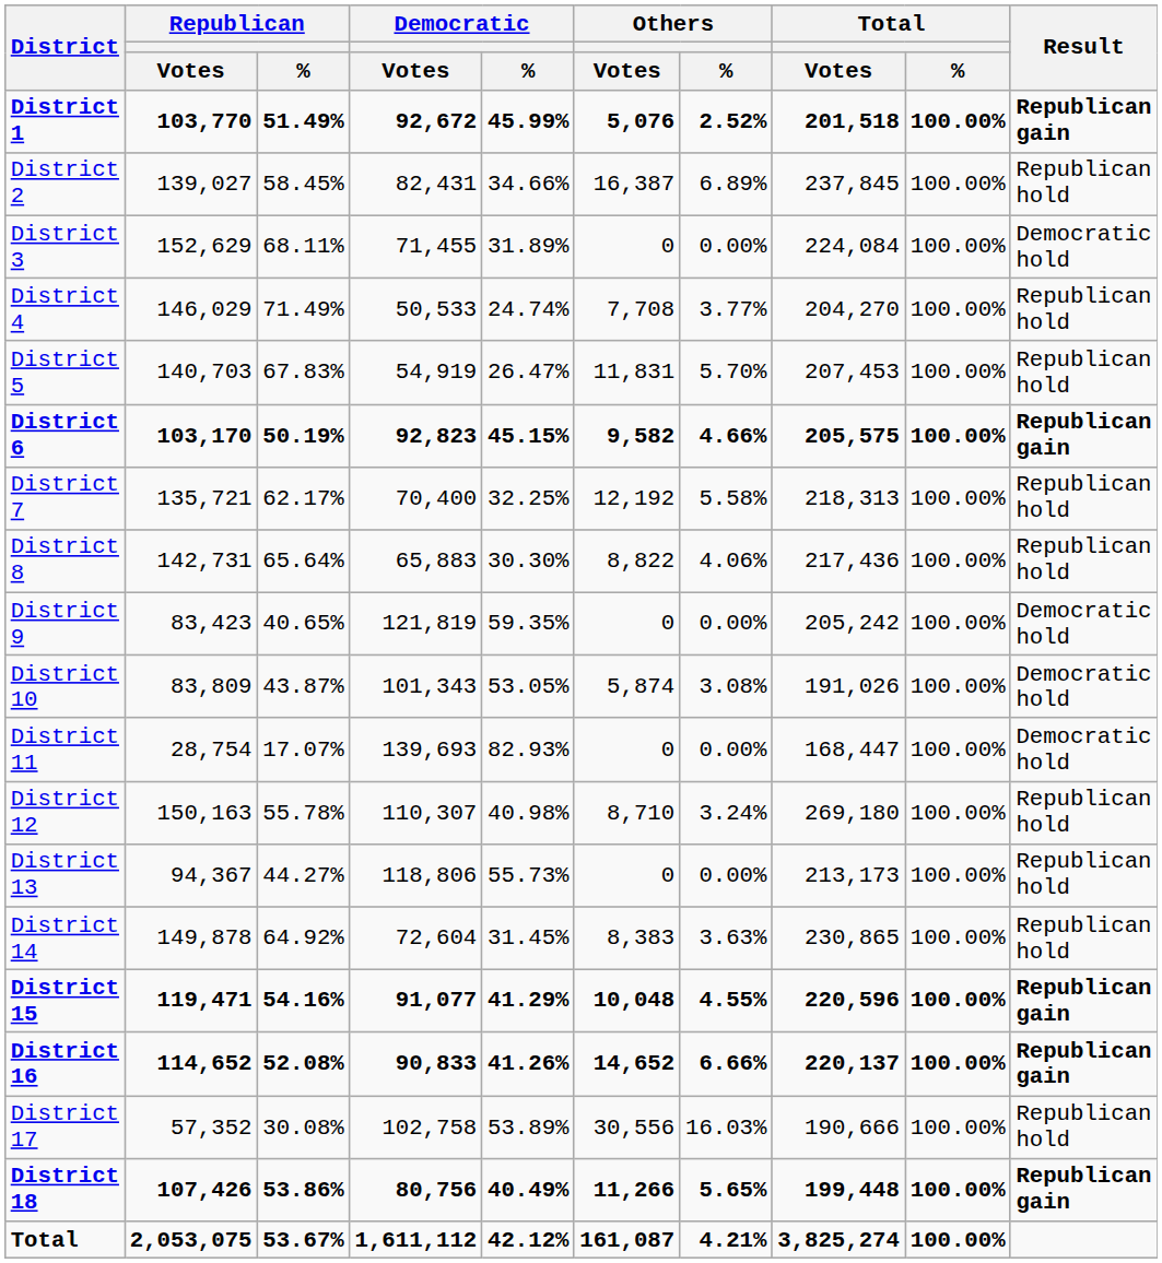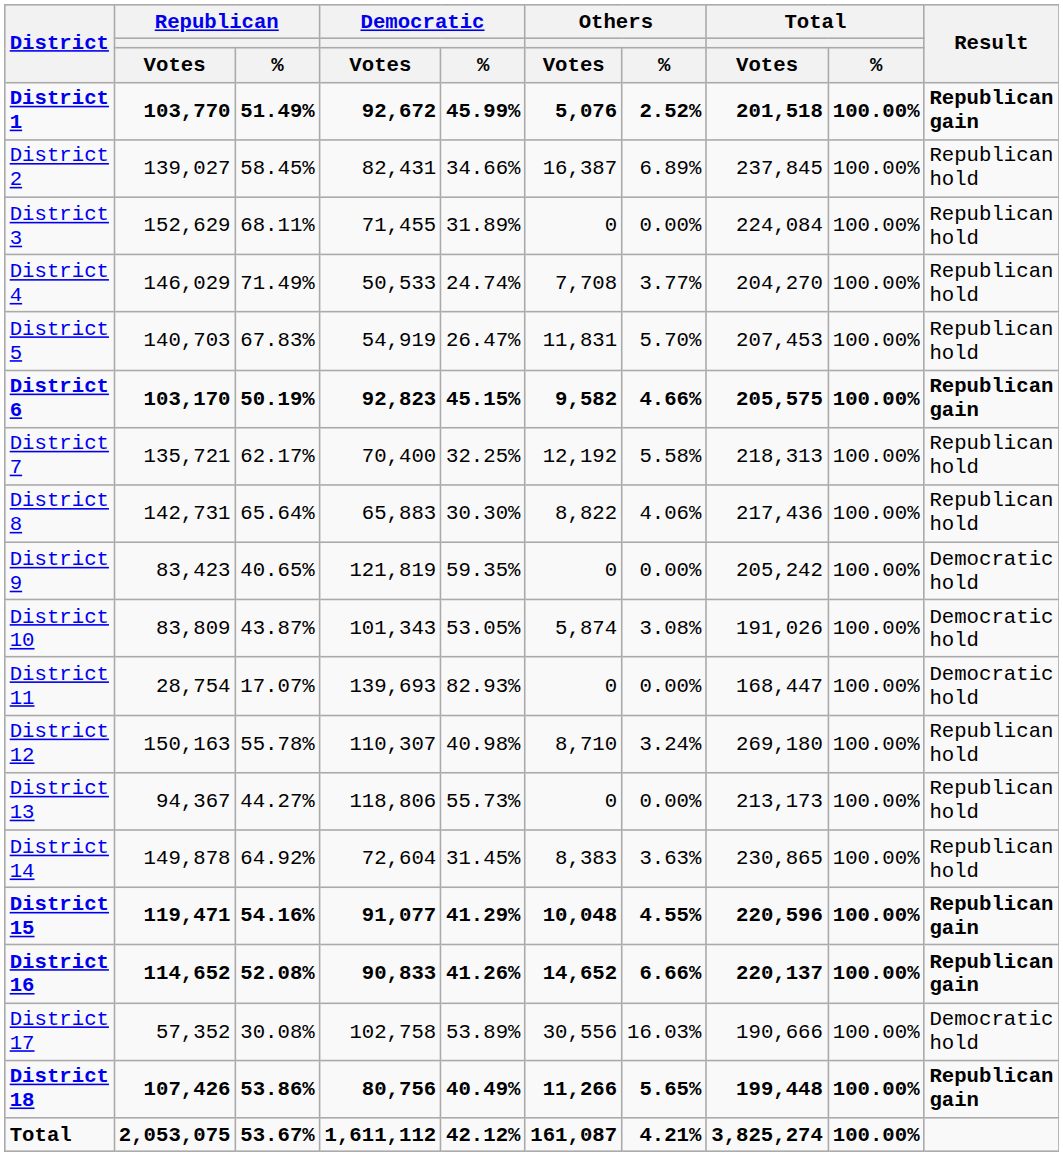 <table class="wikitable plainrowheaders sortable" style="font-size:100%; text-align:right;">
 <tr>
 <th scope=col rowspan=3><a href='#'>District</a></th>
 <th scope=col colspan=2><a href='#'>Republican</a></th>
 <th scope=col colspan=2><a href='#'>Democratic</a></th>
 <th scope=col colspan=2>Others</th>
 <th scope=col colspan=2>Total</th>
 <th scope=col rowspan=3>Result</th>
 </tr>
 <tr>
 <th scope=col colspan=2 style="background:"></th>
 <th scope=col colspan=2 style="background:"></th>
 <th scope=col colspan=2></th>
 <th scope=col colspan=2></th>
 </tr>
 <tr>
 <th scope=col data-sort-type="number">Votes</th>
 <th scope=col data-sort-type="number">%</th>
 <th scope=col data-sort-type="number">Votes</th>
 <th scope=col data-sort-type="number">%</th>
 <th scope=col data-sort-type="number">Votes</th>
 <th scope=col data-sort-type="number">%</th>
 <th scope=col data-sort-type="number">Votes</th>
 <th scope=col data-sort-type="number">%</th>
 </tr>
 <tr>
 <td align=left><strong><a href='#'>District 1</a></strong></td>
 <td><strong>103,770</strong></td>
 <td><strong>51.49%</strong></td>
 <td><strong>92,672</strong></td>
 <td><strong>45.99%</strong></td>
 <td><strong>5,076</strong></td>
 <td><strong>2.52%</strong></td>
 <td><strong>201,518</strong></td>
 <td><strong>100.00%</strong></td>
 <td align=left><strong>Republican gain</strong></td>
 </tr>
 <tr>
 <td align=left><a href='#'>District 2</a></td>
 <td>139,027</td>
 <td>58.45%</td>
 <td>82,431</td>
 <td>34.66%</td>
 <td>16,387</td>
 <td>6.89%</td>
 <td>237,845</td>
 <td>100.00%</td>
 <td align=left>Republican hold</td>
 </tr>
 <tr>
 <td align=left><a href='#'>District 3</a></td>
 <td>152,629</td>
 <td>68.11%</td>
 <td>71,455</td>
 <td>31.89%</td>
 <td>0</td>
 <td>0.00%</td>
 <td>224,084</td>
 <td>100.00%</td>
-<td align=left>Democratic hold</td>
+<td align=left>Republican hold</td>
 </tr>
 <tr>
 <td align=left><a href='#'>District 4</a></td>
 <td>146,029</td>
 <td>71.49%</td>
 <td>50,533</td>
 <td>24.74%</td>
 <td>7,708</td>
 <td>3.77%</td>
 <td>204,270</td>
 <td>100.00%</td>
 <td align=left>Republican hold</td>
 </tr>
 <tr>
 <td align=left><a href='#'>District 5</a></td>
 <td>140,703</td>
 <td>67.83%</td>
 <td>54,919</td>
 <td>26.47%</td>
 <td>11,831</td>
 <td>5.70%</td>
 <td>207,453</td>
 <td>100.00%</td>
 <td align=left>Republican hold</td>
 </tr>
 <tr>
 <td align=left><strong><a href='#'>District 6</a></strong></td>
 <td><strong>103,170</strong></td>
 <td><strong>50.19%</strong></td>
 <td><strong>92,823</strong></td>
 <td><strong>45.15%</strong></td>
 <td><strong>9,582</strong></td>
 <td><strong>4.66%</strong></td>
 <td><strong>205,575</strong></td>
 <td><strong>100.00%</strong></td>
 <td align=left><strong>Republican gain</strong></td>
 </tr>
 <tr>
 <td align=left><a href='#'>District 7</a></td>
 <td>135,721</td>
 <td>62.17%</td>
 <td>70,400</td>
 <td>32.25%</td>
 <td>12,192</td>
 <td>5.58%</td>
 <td>218,313</td>
 <td>100.00%</td>
 <td align=left>Republican hold</td>
 </tr>
 <tr>
 <td align=left><a href='#'>District 8</a></td>
 <td>142,731</td>
 <td>65.64%</td>
 <td>65,883</td>
 <td>30.30%</td>
 <td>8,822</td>
 <td>4.06%</td>
 <td>217,436</td>
 <td>100.00%</td>
 <td align=left>Republican hold</td>
 </tr>
 <tr>
 <td align=left><a href='#'>District 9</a></td>
 <td>83,423</td>
 <td>40.65%</td>
 <td>121,819</td>
 <td>59.35%</td>
 <td>0</td>
 <td>0.00%</td>
 <td>205,242</td>
 <td>100.00%</td>
 <td align=left>Democratic hold</td>
 </tr>
 <tr>
 <td align=left><a href='#'>District 10</a></td>
 <td>83,809</td>
 <td>43.87%</td>
 <td>101,343</td>
 <td>53.05%</td>
 <td>5,874</td>
 <td>3.08%</td>
 <td>191,026</td>
 <td>100.00%</td>
 <td align=left>Democratic hold</td>
 </tr>
 <tr>
 <td align=left><a href='#'>District 11</a></td>
 <td>28,754</td>
 <td>17.07%</td>
 <td>139,693</td>
 <td>82.93%</td>
 <td>0</td>
 <td>0.00%</td>
 <td>168,447</td>
 <td>100.00%</td>
 <td align=left>Democratic hold</td>
 </tr>
 <tr>
 <td align=left><a href='#'>District 12</a></td>
 <td>150,163</td>
 <td>55.78%</td>
 <td>110,307</td>
 <td>40.98%</td>
 <td>8,710</td>
 <td>3.24%</td>
 <td>269,180</td>
 <td>100.00%</td>
 <td align=left>Republican hold</td>
 </tr>
 <tr>
 <td align=left><a href='#'>District 13</a></td>
 <td>94,367</td>
 <td>44.27%</td>
 <td>118,806</td>
 <td>55.73%</td>
 <td>0</td>
 <td>0.00%</td>
 <td>213,173</td>
 <td>100.00%</td>
 <td align=left>Republican hold</td>
 </tr>
 <tr>
 <td align=left><a href='#'>District 14</a></td>
 <td>149,878</td>
 <td>64.92%</td>
 <td>72,604</td>
 <td>31.45%</td>
 <td>8,383</td>
 <td>3.63%</td>
 <td>230,865</td>
 <td>100.00%</td>
 <td align=left>Republican hold</td>
 </tr>
 <tr>
 <td align=left><strong><a href='#'>District 15</a></strong></td>
 <td><strong>119,471</strong></td>
 <td><strong>54.16%</strong></td>
 <td><strong>91,077</strong></td>
 <td><strong>41.29%</strong></td>
 <td><strong>10,048</strong></td>
 <td><strong>4.55%</strong></td>
 <td><strong>220,596</strong></td>
 <td><strong>100.00%</strong></td>
 <td align=left><strong>Republican gain</strong></td>
 </tr>
 <tr>
 <td align=left><strong><a href='#'>District 16</a></strong></td>
 <td><strong>114,652</strong></td>
 <td><strong>52.08%</strong></td>
 <td><strong>90,833</strong></td>
 <td><strong>41.26%</strong></td>
 <td><strong>14,652</strong></td>
 <td><strong>6.66%</strong></td>
 <td><strong>220,137</strong></td>
 <td><strong>100.00%</strong></td>
 <td align=left><strong>Republican gain</strong></td>
 </tr>
 <tr>
 <td align=left><a href='#'>District 17</a></td>
 <td>57,352</td>
 <td>30.08%</td>
 <td>102,758</td>
 <td>53.89%</td>
 <td>30,556</td>
 <td>16.03%</td>
 <td>190,666</td>
 <td>100.00%</td>
-<td align=left>Republican hold</td>
+<td align=left>Democratic hold</td>
 </tr>
 <tr>
 <td align=left><strong><a href='#'>District 18</a></strong></td>
 <td><strong>107,426</strong></td>
 <td><strong>53.86%</strong></td>
 <td><strong>80,756</strong></td>
 <td><strong>40.49%</strong></td>
 <td><strong>11,266</strong></td>
 <td><strong>5.65%</strong></td>
 <td><strong>199,448</strong></td>
 <td><strong>100.00%</strong></td>
 <td align=left><strong>Republican gain</strong></td>
 </tr>
 <tr class="sortbottom" style="font-weight:bold">
 <td align=left>Total</td>
 <td>2,053,075</td>
 <td>53.67%</td>
 <td>1,611,112</td>
 <td>42.12%</td>
 <td>161,087</td>
 <td>4.21%</td>
 <td>3,825,274</td>
 <td>100.00%</td>
 <td></td>
 </tr>
 </table>
